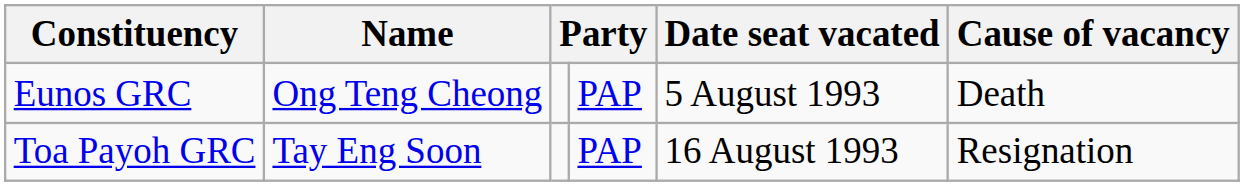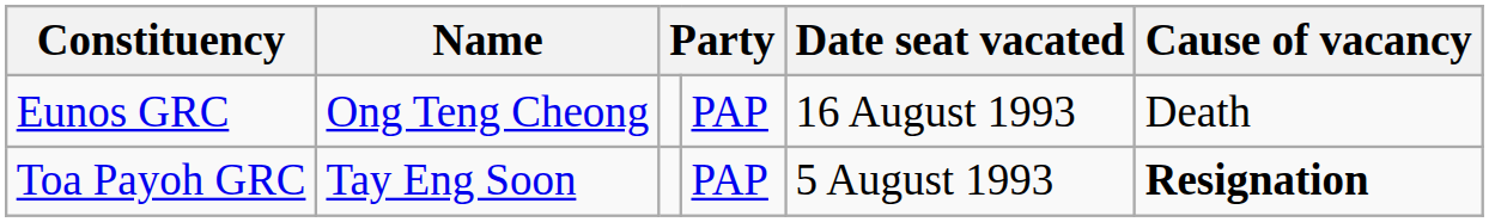 <table class="wikitable" border="1">
 <tr>
 <th>Constituency</th>
 <th>Name</th>
 <th colspan="2">Party</th>
 <th>Date seat vacated</th>
 <th>Cause of vacancy</th>
 </tr>
 <tr>
 <td><a href='#'>Eunos GRC</a></td>
 <td><a href='#'>Ong Teng Cheong</a></td>
 <td></td>
 <td><a href='#'>PAP</a></td>
-<td>5 August 1993</td>
+<td>16 August 1993</td>
 <td>Death</td>
 </tr>
 <tr>
 <td><a href='#'>Toa Payoh GRC</a></td>
 <td><a href='#'>Tay Eng Soon</a></td>
 <td></td>
 <td><a href='#'>PAP</a></td>
-<td>16 August 1993</td>
-<td>Resignation</td>
+<td>5 August 1993</td>
+<td><strong>Resignation</strong></td>
 </tr>
 </table>
